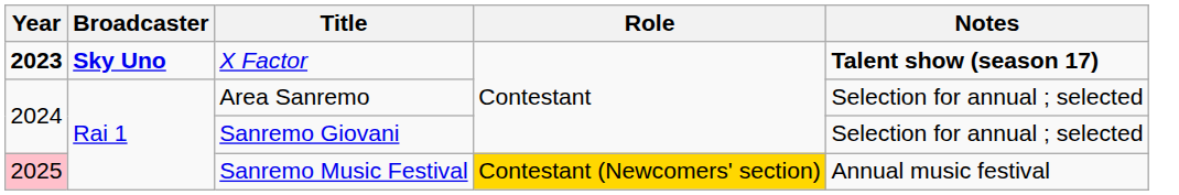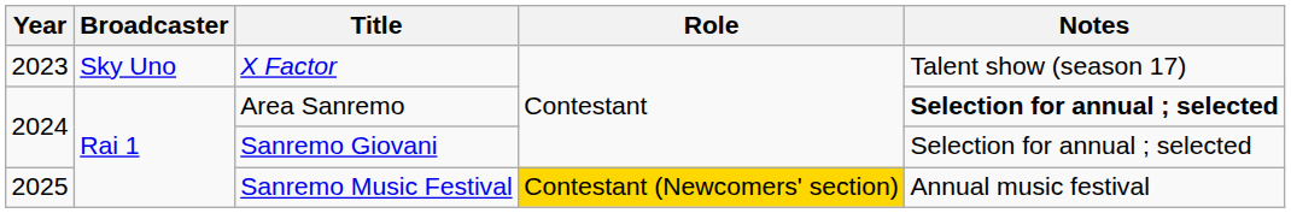 <table class="wikitable plainrowheaders sortable">
 <tr>
 <th scope="col">Year</th>
 <th scope="col">Broadcaster</th>
 <th scope="col">Title</th>
 <th scope="col">Role</th>
 <th scope="col" class="unsortable">Notes</th>
 </tr>
 <tr>
-<td><strong>2023</strong></td>
-<td><strong><a href='#'>Sky Uno</a></strong></td>
+<td>2023</td>
+<td><a href='#'>Sky Uno</a></td>
 <td><em><a href='#'>X Factor</a></em></td>
 <td rowspan="3">Contestant</td>
-<td><strong>Talent show (season 17)</strong></td>
+<td>Talent show (season 17)</td>
 </tr>
 <tr>
 <td rowspan="2">2024</td>
 <td rowspan="3"><a href='#'>Rai 1</a></td>
 <td>Area Sanremo</td>
-<td>Selection for annual ; selected</td>
+<td><strong>Selection for annual ; selected</strong></td>
 </tr>
 <tr>
 <td><a href='#'>Sanremo Giovani</a></td>
 <td>Selection for annual ; selected</td>
 </tr>
 <tr>
-<td style="background: pink;">2025</td>
+<td>2025</td>
 <td><a href='#'>Sanremo Music Festival</a></td>
 <td style="background: gold;">Contestant (Newcomers' section)</td>
 <td>Annual music festival</td>
 </tr>
 </table>
